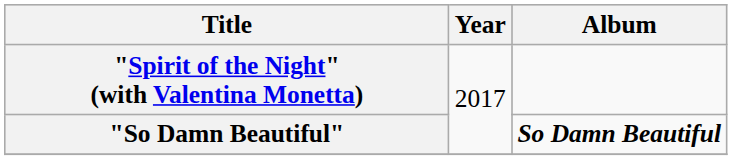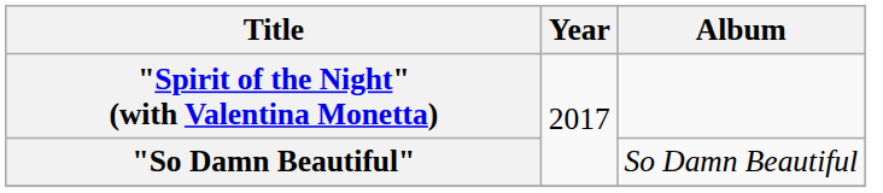 <table class="wikitable plainrowheaders" style="text-align:center;">
 <tr>
 <th scope="col" style="width:17em;">Title</th>
 <th scope="col" style="width:1em;">Year</th>
 <th scope="col">Album</th>
 </tr>
 <tr>
 <th scope="row">"<a href='#'>Spirit of the Night</a>"<br><span>(with <a href='#'>Valentina Monetta</a>)</span></th>
 <td rowspan="2">2017</td>
 <td></td>
 </tr>
 <tr>
 <th scope="row">"So Damn Beautiful"</th>
-<td><strong><em>So Damn Beautiful</em></strong></td>
+<td><em>So Damn Beautiful</em></td>
 </tr>
 <tr>
 </tr>
 </table>
